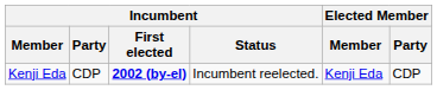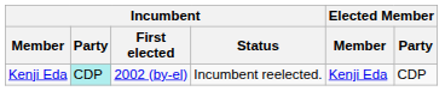 <table class="wikitable sortable">
 <tr>
 <th colspan=4>Incumbent</th>
 <th colspan=2>Elected Member</th>
 </tr>
 <tr>
 <th>Member</th>
 <th>Party</th>
 <th>First<br>elected</th>
 <th>Status</th>
 <th>Member</th>
 <th>Party</th>
 </tr>
 <tr>
 <td><a href='#'>Kenji Eda</a></td>
-<td>CDP</td>
-<td><strong><a href='#'>2002 (by-el)</a></strong></td>
+<td style="background: paleturquoise;">CDP</td>
+<td><a href='#'>2002 (by-el)</a></td>
 <td>Incumbent reelected.</td>
 <td><a href='#'>Kenji Eda</a></td>
 <td>CDP</td>
 </tr>
 </table>
